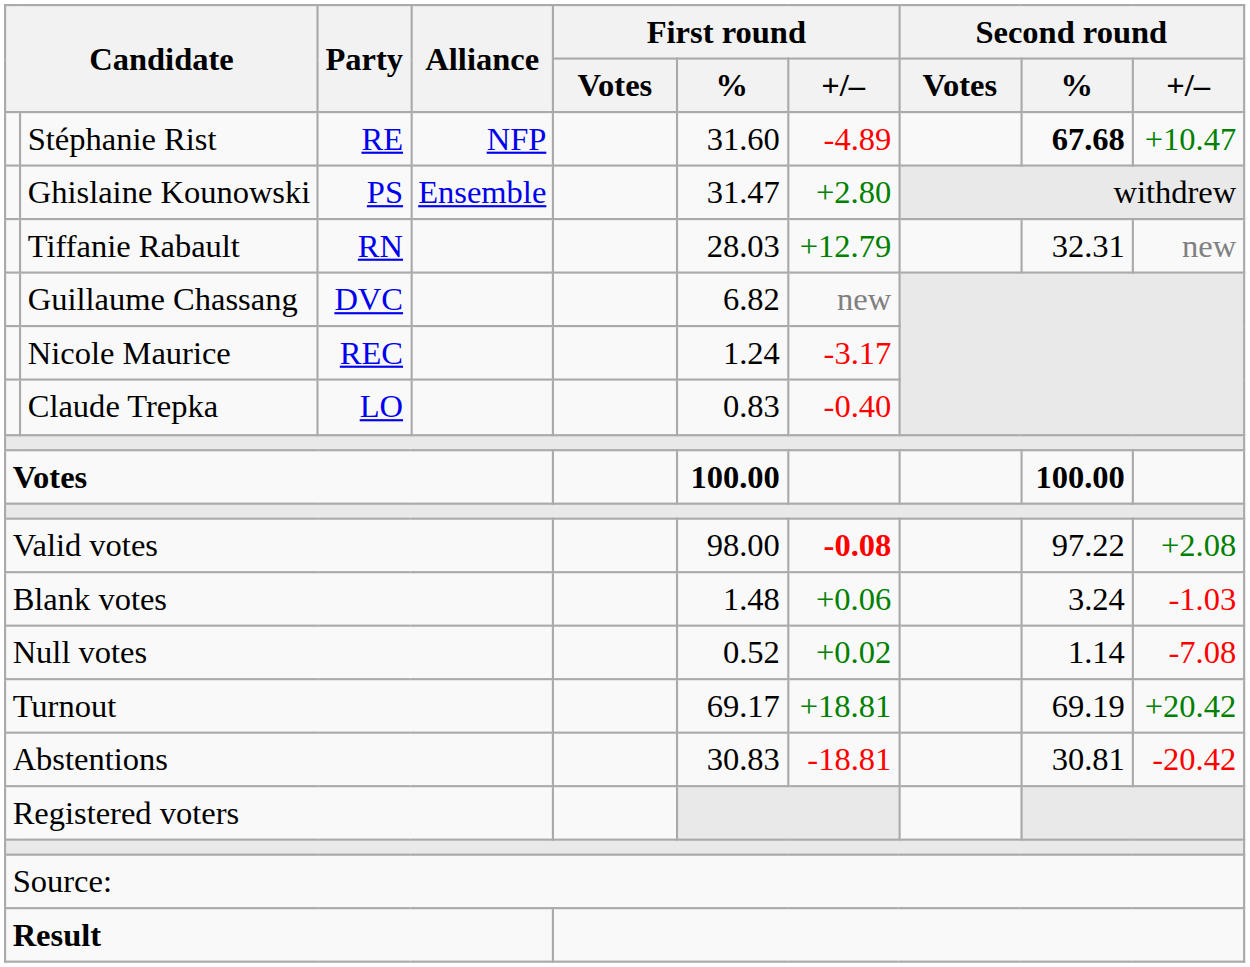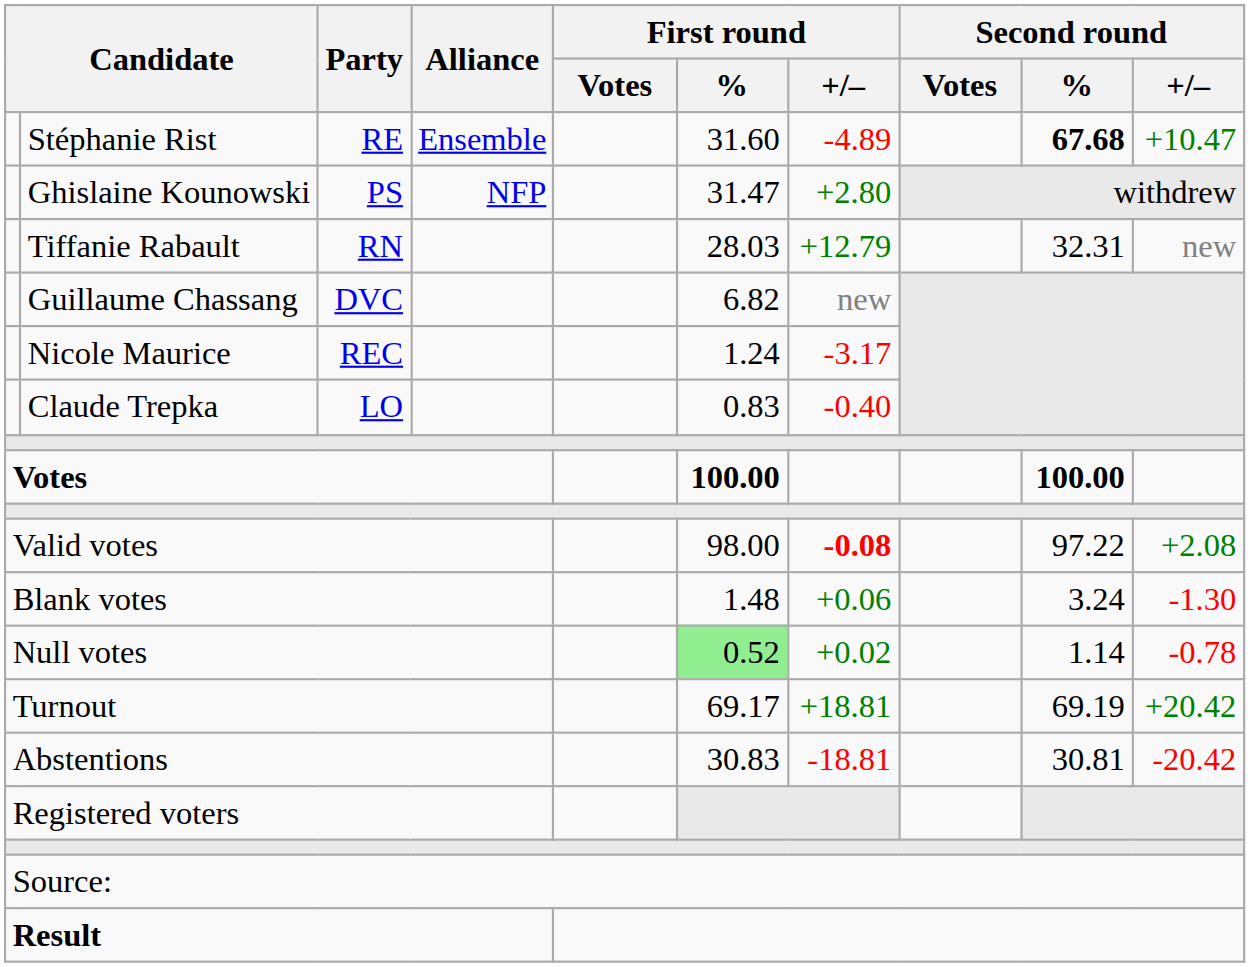 <table class="wikitable" style="text-align:right;font-size:95%;">
 <tr>
 <th rowspan="2" colspan="2">Candidate</th>
 <th colspan="1" rowspan="2">Party</th>
 <th colspan="1" rowspan="2">Alliance</th>
 <th colspan="3">First round</th>
 <th colspan="3">Second round</th>
 </tr>
 <tr>
 <th style="width:50px;">Votes</th>
 <th style="width:45px;">%</th>
 <th style="width:45px;">+/–</th>
 <th style="width:50px;">Votes</th>
 <th style="width:45px;">%</th>
 <th style="width:45px;">+/–</th>
 </tr>
 <tr>
 <td style="color:inherit;background:"></td>
 <td style="text-align:left;">Stéphanie Rist</td>
 <td><a href='#'>RE</a></td>
-<td><a href='#'>NFP</a></td>
+<td><a href='#'>Ensemble</a></td>
 <td></td>
 <td>31.60</td>
 <td style="color:red;">-4.89</td>
 <td><strong></strong></td>
 <td><strong>67.68</strong></td>
 <td style="color:green;">+10.47</td>
 </tr>
 <tr>
 <td style="color:inherit;background:"></td>
 <td style="text-align:left;">Ghislaine Kounowski</td>
 <td><a href='#'>PS</a></td>
-<td><a href='#'>Ensemble</a></td>
+<td><a href='#'>NFP</a></td>
 <td></td>
 <td>31.47</td>
 <td style="color:green;">+2.80</td>
 <td colspan="3" style="background:#E9E9E9;">withdrew</td>
 </tr>
 <tr>
 <td style="color:inherit;background:"></td>
 <td style="text-align:left;">Tiffanie Rabault</td>
 <td><a href='#'>RN</a></td>
 <td></td>
 <td></td>
 <td>28.03</td>
 <td style="color:green;">+12.79</td>
 <td></td>
 <td>32.31</td>
 <td style="color:grey;">new</td>
 </tr>
 <tr>
 <td style="color:inherit;background:"></td>
 <td style="text-align:left;">Guillaume Chassang</td>
 <td><a href='#'>DVC</a></td>
 <td></td>
 <td></td>
 <td>6.82</td>
 <td style="color:grey;">new</td>
 <td colspan="3" rowspan="3" style="background:#E9E9E9;"></td>
 </tr>
 <tr>
 <td style="color:inherit;background:"></td>
 <td style="text-align:left;">Nicole Maurice</td>
 <td><a href='#'>REC</a></td>
 <td></td>
 <td></td>
 <td>1.24</td>
 <td style="color:red;">-3.17</td>
 </tr>
 <tr>
 <td style="color:inherit;background:"></td>
 <td style="text-align:left;">Claude Trepka</td>
 <td><a href='#'>LO</a></td>
 <td></td>
 <td></td>
 <td>0.83</td>
 <td style="color:red;">-0.40</td>
 </tr>
 <tr>
 <td colspan="10" style="background:#E9E9E9;"></td>
 </tr>
 <tr style="font-weight:bold;">
 <td colspan="4" style="text-align:left;">Votes</td>
 <td></td>
 <td>100.00</td>
 <td></td>
 <td></td>
 <td>100.00</td>
 <td></td>
 </tr>
 <tr>
 <td colspan="10" style="background:#E9E9E9;"></td>
 </tr>
 <tr>
 <td colspan="4" style="text-align:left;">Valid votes</td>
 <td></td>
 <td>98.00</td>
 <td style="color:red;"><strong>-0.08</strong></td>
 <td></td>
 <td>97.22</td>
 <td style="color:green;">+2.08</td>
 </tr>
 <tr>
 <td colspan="4" style="text-align:left;">Blank votes</td>
 <td></td>
 <td>1.48</td>
 <td style="color:green;">+0.06</td>
 <td></td>
 <td>3.24</td>
-<td style="color:red;">-1.03</td>
+<td style="color:red;">-1.30</td>
 </tr>
 <tr>
 <td colspan="4" style="text-align:left;">Null votes</td>
 <td></td>
-<td>0.52</td>
+<td style="background: lightgreen;">0.52</td>
 <td style="color:green;">+0.02</td>
 <td></td>
 <td>1.14</td>
-<td style="color:red;">-7.08</td>
+<td style="color:red;">-0.78</td>
 </tr>
 <tr>
 <td colspan="4" style="text-align:left;">Turnout</td>
 <td></td>
 <td>69.17</td>
 <td style="color:green;">+18.81</td>
 <td></td>
 <td>69.19</td>
 <td style="color:green;">+20.42</td>
 </tr>
 <tr>
 <td colspan="4" style="text-align:left;">Abstentions</td>
 <td></td>
 <td>30.83</td>
 <td style="color:red;">-18.81</td>
 <td></td>
 <td>30.81</td>
 <td style="color:red;">-20.42</td>
 </tr>
 <tr>
 <td colspan="4" style="text-align:left;">Registered voters</td>
 <td></td>
 <td colspan="2" style="background:#E9E9E9;"></td>
 <td></td>
 <td colspan="2" style="background:#E9E9E9;"></td>
 </tr>
 <tr>
 <td colspan="10" style="background:#E9E9E9;"></td>
 </tr>
 <tr>
 <td colspan="10" style="text-align:left;">Source: </td>
 </tr>
 <tr style="font-weight:bold">
 <td colspan="4" style="text-align:left;">Result</td>
 <td colspan="6" style="background-color:"></td>
 </tr>
 </table>
